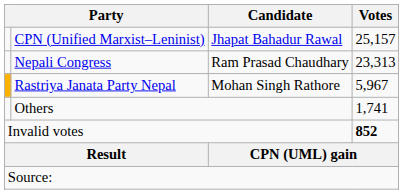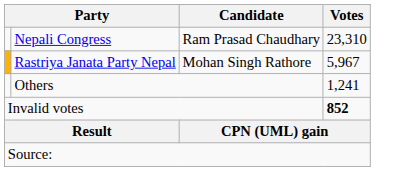 <table class="wikitable">
 <tr>
 <th colspan="2">Party</th>
 <th>Candidate</th>
 <th>Votes</th>
 </tr>
 <tr>
 <td style="background-color:"></td>
-<td><a href='#'>CPN (Unified Marxist–Leninist)</a></td>
-<td><a href='#'>Jhapat Bahadur Rawal</a></td>
-<td>25,157</td>
-</tr>
-<tr>
-<td style="background-color:"></td>
 <td><a href='#'>Nepali Congress</a></td>
 <td>Ram Prasad Chaudhary</td>
-<td>23,313</td>
+<td>23,310</td>
 </tr>
 <tr>
 <td style="background-color:#ffb300"></td>
 <td><a href='#'>Rastriya Janata Party Nepal</a></td>
 <td>Mohan Singh Rathore</td>
 <td>5,967</td>
 </tr>
 <tr>
 <td></td>
 <td colspan="2">Others</td>
-<td>1,741</td>
+<td>1,241</td>
 </tr>
 <tr>
 <td colspan="3">Invalid votes</td>
 <td><strong>852</strong></td>
 </tr>
 <tr>
 <th colspan="2">Result</th>
 <th colspan="2">CPN (UML) gain</th>
 </tr>
 <tr>
 <td colspan="4">Source: </td>
 </tr>
 </table>
